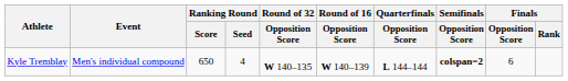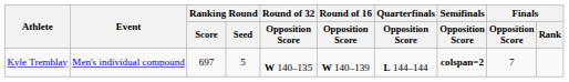 <table class="wikitable" style="text-align: center; font-size:90%">
 <tr>
 <th rowspan="2">Athlete</th>
 <th rowspan="2">Event</th>
 <th colspan="2">Ranking Round</th>
 <th>Round of 32</th>
 <th>Round of 16</th>
 <th>Quarterfinals</th>
 <th>Semifinals</th>
 <th colspan="2">Finals</th>
 </tr>
 <tr style="font-size:95%">
 <th>Score</th>
 <th>Seed</th>
 <th>Opposition<br>Score</th>
 <th>Opposition<br>Score</th>
 <th>Opposition<br>Score</th>
 <th>Opposition<br>Score</th>
 <th>Opposition<br>Score</th>
 <th>Rank</th>
 </tr>
 <tr>
 <td align=left><a href='#'>Kyle Tremblay</a></td>
 <td align=left><a href='#'>Men's individual compound</a></td>
-<td>650</td>
-<td>4</td>
+<td>697</td>
+<td>5</td>
 <td><br><strong>W</strong> 140–135</td>
 <td><br><strong>W</strong> 140–139</td>
 <td><br><strong>L</strong> 144–144</td>
 <td><strong>colspan=2 </strong></td>
-<td>6</td>
+<td>7</td>
 </tr>
 </table>
